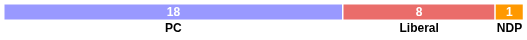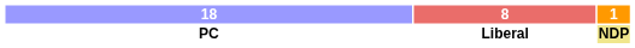 <table style="width:55%; text-align:center;">
 <tr style="color:white;">
 <td style="background:#9999FF; width:66.66%;"><strong>18</strong></td>
 <td style="background:#EA6D6A; width:29.63%;"><strong>8</strong></td>
 <td style="background:#FF9900; width:3.70%;"><strong>1</strong></td>
 </tr>
 <tr>
 <td><span><strong>PC</strong></span></td>
 <td><span><strong>Liberal</strong></span></td>
-<td><span><strong>NDP</strong></span></td>
+<td style="background: khaki;"><span><strong>NDP</strong></span></td>
 </tr>
 <tr>
 </tr>
 </table>
